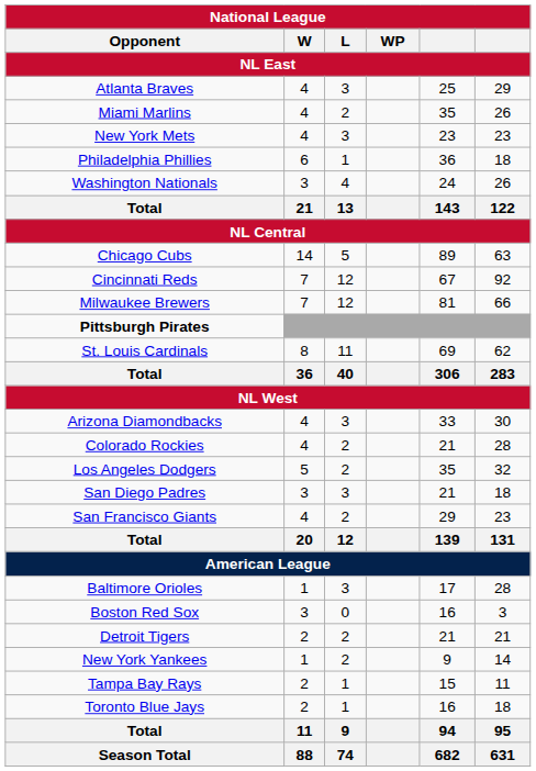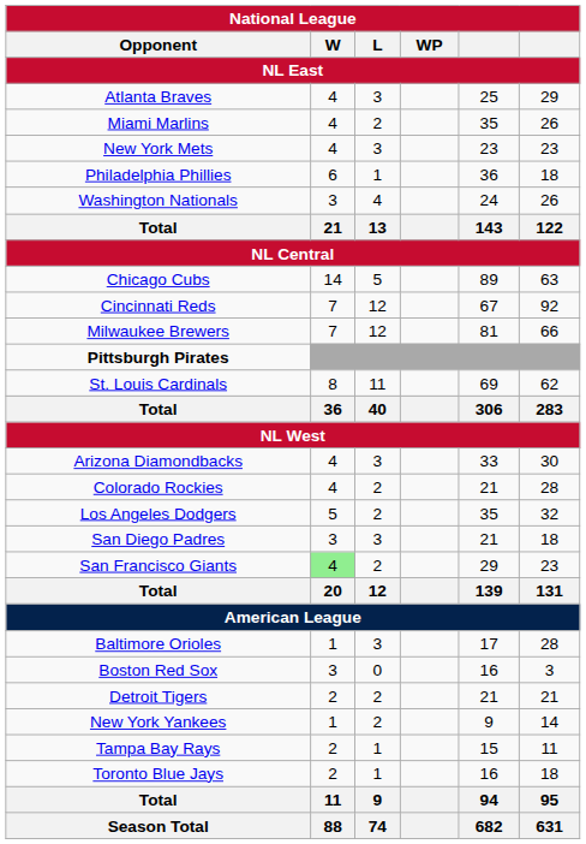 <table class="wikitable" style="font-size:95%; text-align:center; width:35em;margin:0.5em auto;">
 <tr>
 <th colspan="7" style="background:#c60c30; color:#ffffff;">National League</th>
 </tr>
 <tr>
 <th>Opponent</th>
 <th>W</th>
 <th>L</th>
 <th>WP</th>
 <th></th>
 <th></th>
 </tr>
 <tr>
 <th colspan="7" style="background:#c60c30; color:#ffffff;">NL East</th>
 </tr>
 <tr>
 <td><a href='#'>Atlanta Braves</a></td>
 <td>4</td>
 <td>3</td>
 <td></td>
 <td>25</td>
 <td>29</td>
 </tr>
 <tr>
 <td><a href='#'>Miami Marlins</a></td>
 <td>4</td>
 <td>2</td>
 <td></td>
 <td>35</td>
 <td>26</td>
 </tr>
 <tr>
 <td><a href='#'>New York Mets</a></td>
 <td>4</td>
 <td>3</td>
 <td></td>
 <td>23</td>
 <td>23</td>
 </tr>
 <tr>
 <td><a href='#'>Philadelphia Phillies</a></td>
 <td>6</td>
 <td>1</td>
 <td></td>
 <td>36</td>
 <td>18</td>
 </tr>
 <tr>
 <td><a href='#'>Washington Nationals</a></td>
 <td>3</td>
 <td>4</td>
 <td></td>
 <td>24</td>
 <td>26</td>
 </tr>
 <tr>
 <th>Total</th>
 <th>21</th>
 <th>13</th>
 <th></th>
 <th>143</th>
 <th>122</th>
 </tr>
 <tr>
 <th colspan="7" style="background:#c60c30; color:#ffffff;">NL Central</th>
 </tr>
 <tr>
 <td><a href='#'>Chicago Cubs</a></td>
 <td>14</td>
 <td>5</td>
 <td></td>
 <td>89</td>
 <td>63</td>
 </tr>
 <tr>
 <td><a href='#'>Cincinnati Reds</a></td>
 <td>7</td>
 <td>12</td>
 <td></td>
 <td>67</td>
 <td>92</td>
 </tr>
 <tr>
 <td><a href='#'>Milwaukee Brewers</a></td>
 <td>7</td>
 <td>12</td>
 <td></td>
 <td>81</td>
 <td>66</td>
 </tr>
 <tr>
 <td><strong>Pittsburgh Pirates</strong></td>
 <td colspan=5 style="background:darkgray;"></td>
 </tr>
 <tr>
 <td><a href='#'>St. Louis Cardinals</a></td>
 <td>8</td>
 <td>11</td>
 <td></td>
 <td>69</td>
 <td>62</td>
 </tr>
 <tr>
 <th>Total</th>
 <th>36</th>
 <th>40</th>
 <th></th>
 <th>306</th>
 <th>283</th>
 </tr>
 <tr>
 <th colspan="7" style="background:#c60c30; color:#ffffff;">NL West</th>
 </tr>
 <tr>
 <td><a href='#'>Arizona Diamondbacks</a></td>
 <td>4</td>
 <td>3</td>
 <td></td>
 <td>33</td>
 <td>30</td>
 </tr>
 <tr>
 <td><a href='#'>Colorado Rockies</a></td>
 <td>4</td>
 <td>2</td>
 <td></td>
 <td>21</td>
 <td>28</td>
 </tr>
 <tr>
 <td><a href='#'>Los Angeles Dodgers</a></td>
 <td>5</td>
 <td>2</td>
 <td></td>
 <td>35</td>
 <td>32</td>
 </tr>
 <tr>
 <td><a href='#'>San Diego Padres</a></td>
 <td>3</td>
 <td>3</td>
 <td></td>
 <td>21</td>
 <td>18</td>
 </tr>
 <tr>
 <td><a href='#'>San Francisco Giants</a></td>
-<td>4</td>
+<td style="background: lightgreen;">4</td>
 <td>2</td>
 <td></td>
 <td>29</td>
 <td>23</td>
 </tr>
 <tr>
 <th>Total</th>
 <th>20</th>
 <th>12</th>
 <th></th>
 <th>139</th>
 <th>131</th>
 </tr>
 <tr>
 <th colspan="7" style="background:#03224c; color:#ffffff;">American League</th>
 </tr>
 <tr>
 <td><a href='#'>Baltimore Orioles</a></td>
 <td>1</td>
 <td>3</td>
 <td></td>
 <td>17</td>
 <td>28</td>
 </tr>
 <tr>
 <td><a href='#'>Boston Red Sox</a></td>
 <td>3</td>
 <td>0</td>
 <td></td>
 <td>16</td>
 <td>3</td>
 </tr>
 <tr>
 <td><a href='#'>Detroit Tigers</a></td>
 <td>2</td>
 <td>2</td>
 <td></td>
 <td>21</td>
 <td>21</td>
 </tr>
 <tr>
 <td><a href='#'>New York Yankees</a></td>
 <td>1</td>
 <td>2</td>
 <td></td>
 <td>9</td>
 <td>14</td>
 </tr>
 <tr>
 <td><a href='#'>Tampa Bay Rays</a></td>
 <td>2</td>
 <td>1</td>
 <td></td>
 <td>15</td>
 <td>11</td>
 </tr>
 <tr>
 <td><a href='#'>Toronto Blue Jays</a></td>
 <td>2</td>
 <td>1</td>
 <td></td>
 <td>16</td>
 <td>18</td>
 </tr>
 <tr>
 <th>Total</th>
 <th>11</th>
 <th>9</th>
 <th></th>
 <th>94</th>
 <th>95</th>
 </tr>
 <tr>
 <th>Season Total</th>
 <th>88</th>
 <th>74</th>
 <th></th>
 <th>682</th>
 <th>631</th>
 </tr>
 </table>
